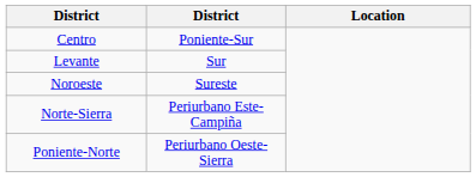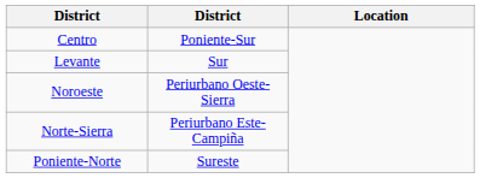 <table class="wikitable" style="margin:1em auto; text-align:center;">
 <tr style="background:#efefef;">
 <th style="width:150px;">District</th>
 <th style="width:150px;">District</th>
 <th style="width:200px;">Location</th>
 </tr>
 <tr>
 <td><a href='#'>Centro</a></td>
 <td><a href='#'>Poniente-Sur</a></td>
 <td rowspan="5"></td>
 </tr>
 <tr>
 <td><a href='#'>Levante</a></td>
 <td><a href='#'>Sur</a></td>
 </tr>
 <tr>
 <td><a href='#'>Noroeste</a></td>
-<td><a href='#'>Sureste</a></td>
+<td><a href='#'>Periurbano Oeste-Sierra</a></td>
 </tr>
 <tr>
 <td><a href='#'>Norte-Sierra</a></td>
 <td><a href='#'>Periurbano Este-Campiña</a></td>
 </tr>
 <tr>
 <td><a href='#'>Poniente-Norte</a></td>
-<td><a href='#'>Periurbano Oeste-Sierra</a></td>
+<td><a href='#'>Sureste</a></td>
 </tr>
 </table>
